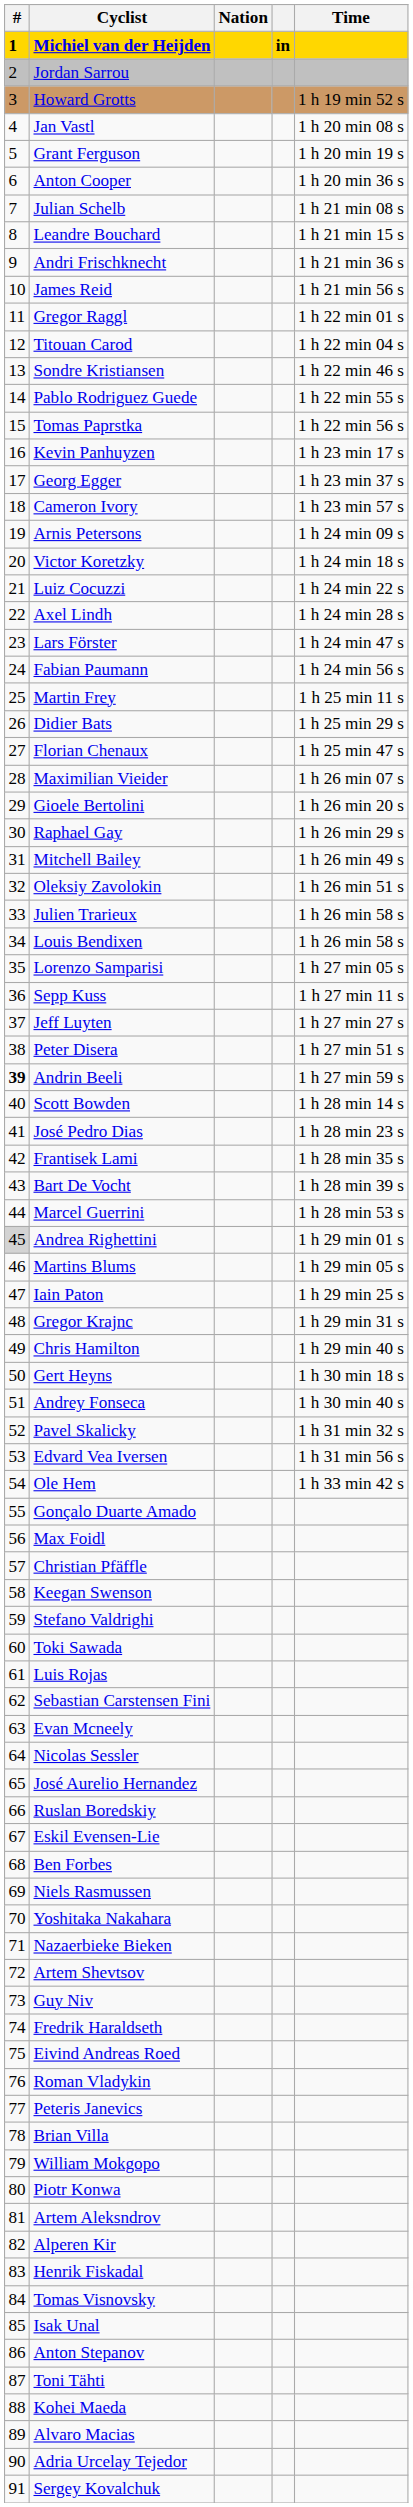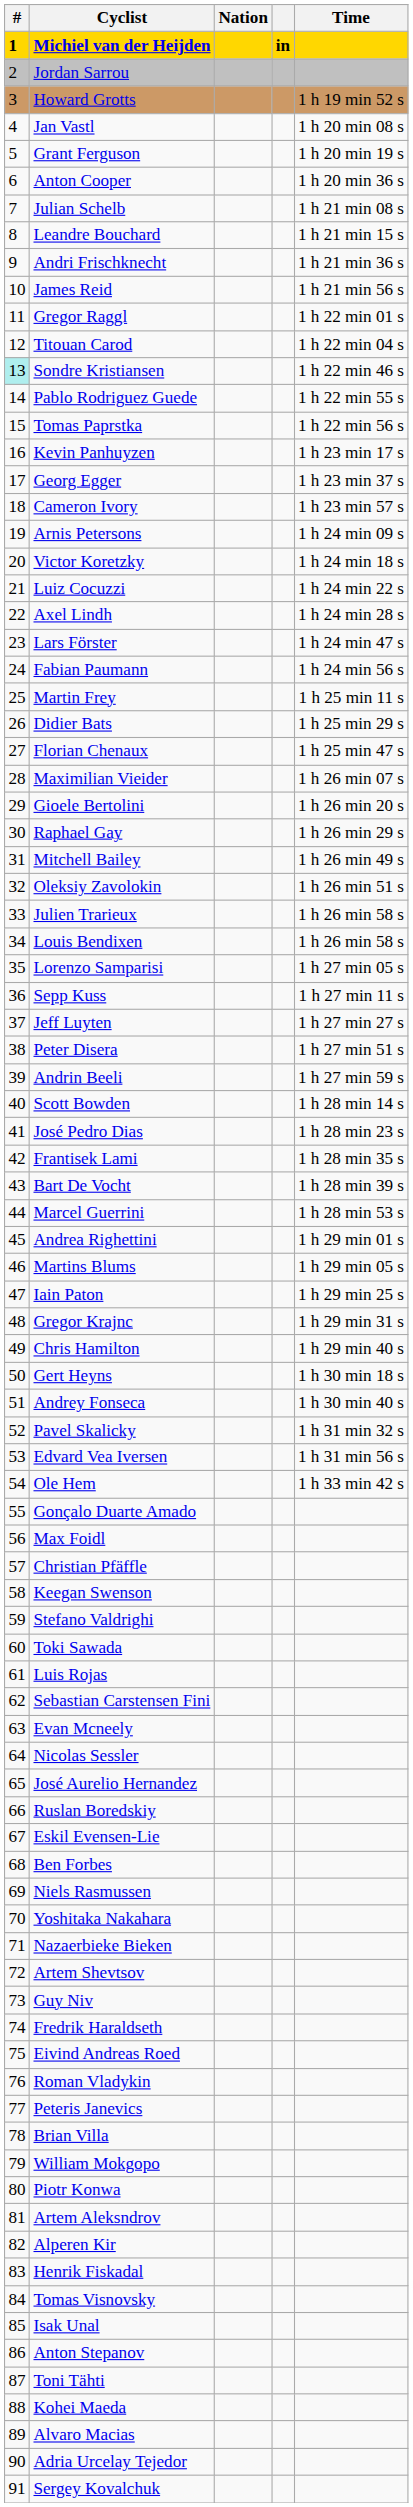 <table class="wikitable">
 <tr>
 <th>#</th>
 <th>Cyclist</th>
 <th>Nation</th>
 <th></th>
 <th>Time</th>
 </tr>
 <tr bgcolor="gold">
 <td><strong>1</strong></td>
 <td><strong><a href='#'>Michiel van der Heijden</a></strong></td>
 <td><strong></strong></td>
 <td><strong>in</strong></td>
 <td align=right><strong></strong></td>
 </tr>
 <tr bgcolor="silver">
 <td>2</td>
 <td><a href='#'>Jordan Sarrou</a></td>
 <td></td>
 <td></td>
 <td align=right></td>
 </tr>
 <tr bgcolor="CC9966">
 <td>3</td>
 <td><a href='#'>Howard Grotts</a></td>
 <td></td>
 <td></td>
 <td align=right>1 h 19 min 52 s</td>
 </tr>
 <tr>
 <td>4</td>
 <td><a href='#'>Jan Vastl</a></td>
 <td></td>
 <td></td>
 <td align=right>1 h 20 min 08 s</td>
 </tr>
 <tr>
 <td>5</td>
 <td><a href='#'>Grant Ferguson</a></td>
 <td></td>
 <td></td>
 <td align=right>1 h 20 min 19 s</td>
 </tr>
 <tr>
 <td>6</td>
 <td><a href='#'>Anton Cooper</a></td>
 <td></td>
 <td></td>
 <td align=right>1 h 20 min 36 s</td>
 </tr>
 <tr>
 <td>7</td>
 <td><a href='#'>Julian Schelb</a></td>
 <td></td>
 <td></td>
 <td align=right>1 h 21 min 08 s</td>
 </tr>
 <tr>
 <td>8</td>
 <td><a href='#'>Leandre Bouchard</a></td>
 <td></td>
 <td></td>
 <td align=right>1 h 21 min 15 s</td>
 </tr>
 <tr>
 <td>9</td>
 <td><a href='#'>Andri Frischknecht</a></td>
 <td></td>
 <td></td>
 <td align=right>1 h 21 min 36 s</td>
 </tr>
 <tr>
 <td>10</td>
 <td><a href='#'>James Reid</a></td>
 <td></td>
 <td></td>
 <td align=right>1 h 21 min 56 s</td>
 </tr>
 <tr>
 <td>11</td>
 <td><a href='#'>Gregor Raggl</a></td>
 <td></td>
 <td></td>
 <td align=right>1 h 22 min 01 s</td>
 </tr>
 <tr>
 <td>12</td>
 <td><a href='#'>Titouan Carod</a></td>
 <td></td>
 <td></td>
 <td align=right>1 h 22 min 04 s</td>
 </tr>
 <tr>
-<td>13</td>
+<td style="background: paleturquoise;">13</td>
 <td><a href='#'>Sondre Kristiansen</a></td>
 <td></td>
 <td></td>
 <td align=right>1 h 22 min 46 s</td>
 </tr>
 <tr>
 <td>14</td>
 <td><a href='#'>Pablo Rodriguez Guede</a></td>
 <td></td>
 <td></td>
 <td align=right>1 h 22 min 55 s</td>
 </tr>
 <tr>
 <td>15</td>
 <td><a href='#'>Tomas Paprstka</a></td>
 <td></td>
 <td></td>
 <td align=right>1 h 22 min 56 s</td>
 </tr>
 <tr>
 <td>16</td>
 <td><a href='#'>Kevin Panhuyzen</a></td>
 <td></td>
 <td></td>
 <td align=right>1 h 23 min 17 s</td>
 </tr>
 <tr>
 <td>17</td>
 <td><a href='#'>Georg Egger</a></td>
 <td></td>
 <td></td>
 <td align=right>1 h 23 min 37 s</td>
 </tr>
 <tr>
 <td>18</td>
 <td><a href='#'>Cameron Ivory</a></td>
 <td></td>
 <td></td>
 <td align=right>1 h 23 min 57 s</td>
 </tr>
 <tr>
 <td>19</td>
 <td><a href='#'>Arnis Petersons</a></td>
 <td></td>
 <td></td>
 <td align=right>1 h 24 min 09 s</td>
 </tr>
 <tr>
 <td>20</td>
 <td><a href='#'>Victor Koretzky</a></td>
 <td></td>
 <td></td>
 <td align=right>1 h 24 min 18 s</td>
 </tr>
 <tr>
 <td>21</td>
 <td><a href='#'>Luiz Cocuzzi</a></td>
 <td></td>
 <td></td>
 <td align=right>1 h 24 min 22 s</td>
 </tr>
 <tr>
 <td>22</td>
 <td><a href='#'>Axel Lindh</a></td>
 <td></td>
 <td></td>
 <td align=right>1 h 24 min 28 s</td>
 </tr>
 <tr>
 <td>23</td>
 <td><a href='#'>Lars Förster</a></td>
 <td></td>
 <td></td>
 <td align=right>1 h 24 min 47 s</td>
 </tr>
 <tr>
 <td>24</td>
 <td><a href='#'>Fabian Paumann</a></td>
 <td></td>
 <td></td>
 <td align=right>1 h 24 min 56 s</td>
 </tr>
 <tr>
 <td>25</td>
 <td><a href='#'>Martin Frey</a></td>
 <td></td>
 <td></td>
 <td align=right>1 h 25 min 11 s</td>
 </tr>
 <tr>
 <td>26</td>
 <td><a href='#'>Didier Bats</a></td>
 <td></td>
 <td></td>
 <td align=right>1 h 25 min 29 s</td>
 </tr>
 <tr>
 <td>27</td>
 <td><a href='#'>Florian Chenaux</a></td>
 <td></td>
 <td></td>
 <td align=right>1 h 25 min 47 s</td>
 </tr>
 <tr>
 <td>28</td>
 <td><a href='#'>Maximilian Vieider</a></td>
 <td></td>
 <td></td>
 <td align=right>1 h 26 min 07 s</td>
 </tr>
 <tr>
 <td>29</td>
 <td><a href='#'>Gioele Bertolini</a></td>
 <td></td>
 <td></td>
 <td align=right>1 h 26 min 20 s</td>
 </tr>
 <tr>
 <td>30</td>
 <td><a href='#'>Raphael Gay</a></td>
 <td></td>
 <td></td>
 <td align=right>1 h 26 min 29 s</td>
 </tr>
 <tr>
 <td>31</td>
 <td><a href='#'>Mitchell Bailey</a></td>
 <td></td>
 <td></td>
 <td align=right>1 h 26 min 49 s</td>
 </tr>
 <tr>
 <td>32</td>
 <td><a href='#'>Oleksiy Zavolokin</a></td>
 <td></td>
 <td></td>
 <td align=right>1 h 26 min 51 s</td>
 </tr>
 <tr>
 <td>33</td>
 <td><a href='#'>Julien Trarieux</a></td>
 <td></td>
 <td></td>
 <td align=right>1 h 26 min 58 s</td>
 </tr>
 <tr>
 <td>34</td>
 <td><a href='#'>Louis Bendixen</a></td>
 <td></td>
 <td></td>
 <td align=right>1 h 26 min 58 s</td>
 </tr>
 <tr>
 <td>35</td>
 <td><a href='#'>Lorenzo Samparisi</a></td>
 <td></td>
 <td></td>
 <td align=right>1 h 27 min 05 s</td>
 </tr>
 <tr>
 <td>36</td>
 <td><a href='#'>Sepp Kuss</a></td>
 <td></td>
 <td></td>
 <td align=right>1 h 27 min 11 s</td>
 </tr>
 <tr>
 <td>37</td>
 <td><a href='#'>Jeff Luyten</a></td>
 <td></td>
 <td></td>
 <td align=right>1 h 27 min 27 s</td>
 </tr>
 <tr>
 <td>38</td>
 <td><a href='#'>Peter Disera</a></td>
 <td></td>
 <td></td>
 <td align=right>1 h 27 min 51 s</td>
 </tr>
 <tr>
-<td><strong>39</strong></td>
+<td>39</td>
 <td><a href='#'>Andrin Beeli</a></td>
 <td></td>
 <td></td>
 <td align=right>1 h 27 min 59 s</td>
 </tr>
 <tr>
 <td>40</td>
 <td><a href='#'>Scott Bowden</a></td>
 <td></td>
 <td></td>
 <td align=right>1 h 28 min 14 s</td>
 </tr>
 <tr>
 <td>41</td>
 <td><a href='#'>José Pedro Dias</a></td>
 <td></td>
 <td></td>
 <td align=right>1 h 28 min 23 s</td>
 </tr>
 <tr>
 <td>42</td>
 <td><a href='#'>Frantisek Lami</a></td>
 <td></td>
 <td></td>
 <td align=right>1 h 28 min 35 s</td>
 </tr>
 <tr>
 <td>43</td>
 <td><a href='#'>Bart De Vocht</a></td>
 <td></td>
 <td></td>
 <td align=right>1 h 28 min 39 s</td>
 </tr>
 <tr>
 <td>44</td>
 <td><a href='#'>Marcel Guerrini</a></td>
 <td></td>
 <td></td>
 <td align=right>1 h 28 min 53 s</td>
 </tr>
 <tr>
-<td style="background: lightgrey;">45</td>
+<td>45</td>
 <td><a href='#'>Andrea Righettini</a></td>
 <td></td>
 <td></td>
 <td align=right>1 h 29 min 01 s</td>
 </tr>
 <tr>
 <td>46</td>
 <td><a href='#'>Martins Blums</a></td>
 <td></td>
 <td></td>
 <td align=right>1 h 29 min 05 s</td>
 </tr>
 <tr>
 <td>47</td>
 <td><a href='#'>Iain Paton</a></td>
 <td></td>
 <td></td>
 <td align=right>1 h 29 min 25 s</td>
 </tr>
 <tr>
 <td>48</td>
 <td><a href='#'>Gregor Krajnc</a></td>
 <td></td>
 <td></td>
 <td align=right>1 h 29 min 31 s</td>
 </tr>
 <tr>
 <td>49</td>
 <td><a href='#'>Chris Hamilton</a></td>
 <td></td>
 <td></td>
 <td align=right>1 h 29 min 40 s</td>
 </tr>
 <tr>
 <td>50</td>
 <td><a href='#'>Gert Heyns</a></td>
 <td></td>
 <td></td>
 <td align=right>1 h 30 min 18 s</td>
 </tr>
 <tr>
 <td>51</td>
 <td><a href='#'>Andrey Fonseca</a></td>
 <td></td>
 <td></td>
 <td align=right>1 h 30 min 40 s</td>
 </tr>
 <tr>
 <td>52</td>
 <td><a href='#'>Pavel Skalicky</a></td>
 <td></td>
 <td></td>
 <td align=right>1 h 31 min 32 s</td>
 </tr>
 <tr>
 <td>53</td>
 <td><a href='#'>Edvard Vea Iversen</a></td>
 <td></td>
 <td></td>
 <td align=right>1 h 31 min 56 s</td>
 </tr>
 <tr>
 <td>54</td>
 <td><a href='#'>Ole Hem</a></td>
 <td></td>
 <td></td>
 <td align=right>1 h 33 min 42 s</td>
 </tr>
 <tr>
 <td>55</td>
 <td><a href='#'>Gonçalo Duarte Amado</a></td>
 <td></td>
 <td></td>
 <td></td>
 </tr>
 <tr>
 <td>56</td>
 <td><a href='#'>Max Foidl</a></td>
 <td></td>
 <td></td>
 <td></td>
 </tr>
 <tr>
 <td>57</td>
 <td><a href='#'>Christian Pfäffle</a></td>
 <td></td>
 <td></td>
 <td></td>
 </tr>
 <tr>
 <td>58</td>
 <td><a href='#'>Keegan Swenson</a></td>
 <td></td>
 <td></td>
 <td></td>
 </tr>
 <tr>
 <td>59</td>
 <td><a href='#'>Stefano Valdrighi</a></td>
 <td></td>
 <td></td>
 <td></td>
 </tr>
 <tr>
 <td>60</td>
 <td><a href='#'>Toki Sawada</a></td>
 <td></td>
 <td></td>
 <td></td>
 </tr>
 <tr>
 <td>61</td>
 <td><a href='#'>Luis Rojas</a></td>
 <td></td>
 <td></td>
 <td></td>
 </tr>
 <tr>
 <td>62</td>
 <td><a href='#'>Sebastian Carstensen Fini</a></td>
 <td></td>
 <td></td>
 <td></td>
 </tr>
 <tr>
 <td>63</td>
 <td><a href='#'>Evan Mcneely</a></td>
 <td></td>
 <td></td>
 <td></td>
 </tr>
 <tr>
 <td>64</td>
 <td><a href='#'>Nicolas Sessler</a></td>
 <td></td>
 <td></td>
 <td></td>
 </tr>
 <tr>
 <td>65</td>
 <td><a href='#'>José Aurelio Hernandez</a></td>
 <td></td>
 <td></td>
 <td></td>
 </tr>
 <tr>
 <td>66</td>
 <td><a href='#'>Ruslan Boredskiy</a></td>
 <td></td>
 <td></td>
 <td></td>
 </tr>
 <tr>
 <td>67</td>
 <td><a href='#'>Eskil Evensen-Lie</a></td>
 <td></td>
 <td></td>
 <td></td>
 </tr>
 <tr>
 <td>68</td>
 <td><a href='#'>Ben Forbes</a></td>
 <td></td>
 <td></td>
 <td></td>
 </tr>
 <tr>
 <td>69</td>
 <td><a href='#'>Niels Rasmussen</a></td>
 <td></td>
 <td></td>
 <td></td>
 </tr>
 <tr>
 <td>70</td>
 <td><a href='#'>Yoshitaka Nakahara</a></td>
 <td></td>
 <td></td>
 <td></td>
 </tr>
 <tr>
 <td>71</td>
 <td><a href='#'>Nazaerbieke Bieken</a></td>
 <td></td>
 <td></td>
 <td></td>
 </tr>
 <tr>
 <td>72</td>
 <td><a href='#'>Artem Shevtsov</a></td>
 <td></td>
 <td></td>
 <td></td>
 </tr>
 <tr>
 <td>73</td>
 <td><a href='#'>Guy Niv</a></td>
 <td></td>
 <td></td>
 <td></td>
 </tr>
 <tr>
 <td>74</td>
 <td><a href='#'>Fredrik Haraldseth</a></td>
 <td></td>
 <td></td>
 <td></td>
 </tr>
 <tr>
 <td>75</td>
 <td><a href='#'>Eivind Andreas Roed</a></td>
 <td></td>
 <td></td>
 <td></td>
 </tr>
 <tr>
 <td>76</td>
 <td><a href='#'>Roman Vladykin</a></td>
 <td></td>
 <td></td>
 <td></td>
 </tr>
 <tr>
 <td>77</td>
 <td><a href='#'>Peteris Janevics</a></td>
 <td></td>
 <td></td>
 <td></td>
 </tr>
 <tr>
 <td>78</td>
 <td><a href='#'>Brian Villa</a></td>
 <td></td>
 <td></td>
 <td></td>
 </tr>
 <tr>
 <td>79</td>
 <td><a href='#'>William Mokgopo</a></td>
 <td></td>
 <td></td>
 <td></td>
 </tr>
 <tr>
 <td>80</td>
 <td><a href='#'>Piotr Konwa</a></td>
 <td></td>
 <td></td>
 <td></td>
 </tr>
 <tr>
 <td>81</td>
 <td><a href='#'>Artem Aleksndrov</a></td>
 <td></td>
 <td></td>
 <td></td>
 </tr>
 <tr>
 <td>82</td>
 <td><a href='#'>Alperen Kir</a></td>
 <td></td>
 <td></td>
 <td></td>
 </tr>
 <tr>
 <td>83</td>
 <td><a href='#'>Henrik Fiskadal</a></td>
 <td></td>
 <td></td>
 <td></td>
 </tr>
 <tr>
 <td>84</td>
 <td><a href='#'>Tomas Visnovsky</a></td>
 <td></td>
 <td></td>
 <td></td>
 </tr>
 <tr>
 <td>85</td>
 <td><a href='#'>Isak Unal</a></td>
 <td></td>
 <td></td>
 <td></td>
 </tr>
 <tr>
 <td>86</td>
 <td><a href='#'>Anton Stepanov</a></td>
 <td></td>
 <td></td>
 <td></td>
 </tr>
 <tr>
 <td>87</td>
 <td><a href='#'>Toni Tähti</a></td>
 <td></td>
 <td></td>
 <td></td>
 </tr>
 <tr>
 <td>88</td>
 <td><a href='#'>Kohei Maeda</a></td>
 <td></td>
 <td></td>
 <td></td>
 </tr>
 <tr>
 <td>89</td>
 <td><a href='#'>Alvaro Macias</a></td>
 <td></td>
 <td></td>
 <td></td>
 </tr>
 <tr>
 <td>90</td>
 <td><a href='#'>Adria Urcelay Tejedor</a></td>
 <td></td>
 <td></td>
 <td></td>
 </tr>
 <tr>
 <td>91</td>
 <td><a href='#'>Sergey Kovalchuk</a></td>
 <td></td>
 <td></td>
 <td></td>
 </tr>
 </table>
